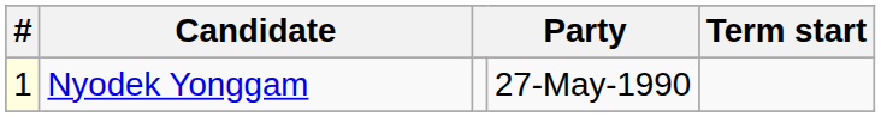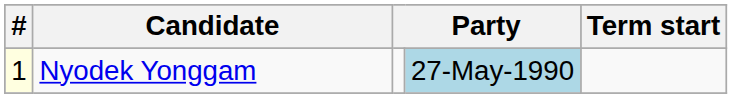 <table class="wikitable">
 <tr>
 <th>#</th>
 <th style="width:200px">Candidate</th>
 <th colspan="2">Party</th>
 <th>Term start</th>
 </tr>
 <tr>
 <td style="background: lightyellow;">1</td>
 <td><a href='#'>Nyodek Yonggam</a></td>
 <td></td>
-<td>27-May-1990</td>
+<td style="background: lightblue;">27-May-1990</td>
 </tr>
 </table>
